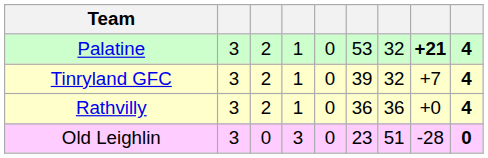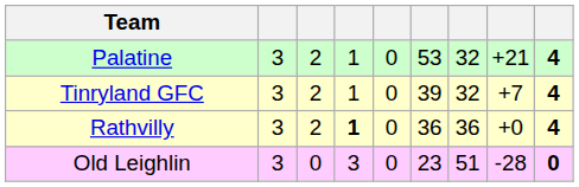 <table class="wikitable" style="text-align:center">
 <tr>
 <th style="width:175px;">Team</th>
 <th width="20"></th>
 <th width="20"></th>
 <th width="20"></th>
 <th width="20"></th>
 <th width="20"></th>
 <th width="20"></th>
 <th width="20"></th>
 <th width="20"></th>
 </tr>
 <tr style="background:#cfc;">
 <td><a href='#'>Palatine</a></td>
 <td>3</td>
 <td>2</td>
 <td>1</td>
 <td>0</td>
 <td>53</td>
 <td>32</td>
-<td><strong>+21</strong></td>
+<td>+21</td>
 <td><strong>4</strong></td>
 </tr>
 <tr style="background:#ffc;">
 <td><a href='#'>Tinryland GFC</a></td>
 <td>3</td>
 <td>2</td>
 <td>1</td>
 <td>0</td>
 <td>39</td>
 <td>32</td>
 <td>+7</td>
 <td><strong>4</strong></td>
 </tr>
 <tr style="background:#ffc;">
 <td><a href='#'>Rathvilly</a></td>
 <td>3</td>
 <td>2</td>
-<td>1</td>
+<td><strong>1</strong></td>
 <td>0</td>
 <td>36</td>
 <td>36</td>
 <td>+0</td>
 <td><strong>4</strong></td>
 </tr>
 <tr style="background:#fcf;">
 <td>Old Leighlin</td>
 <td>3</td>
 <td>0</td>
 <td>3</td>
 <td>0</td>
 <td>23</td>
 <td>51</td>
 <td>-28</td>
 <td><strong>0</strong></td>
 </tr>
 </table>
